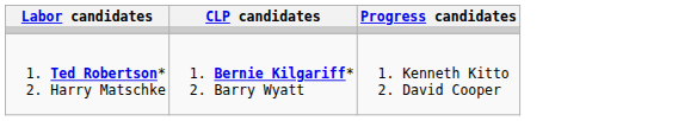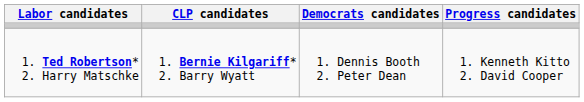 <table class="wikitable">
 <tr>
 <th><a href='#'>Labor</a> candidates</th>
 <th><a href='#'>CLP</a> candidates</th>
+<th><a href='#'>Democrats</a> candidates</th>
 <th><a href='#'>Progress</a> candidates</th>
 </tr>
 <tr bgcolor="#cccccc">
+<td></td>
 <td></td>
 <td></td>
 <td></td>
 </tr>
 <tr>
 <td><br><ol><li><strong><a href='#'>Ted Robertson</a></strong>*</li><li>Harry Matschke</li></ol></td>
 <td><br><ol><li><strong><a href='#'>Bernie Kilgariff</a></strong>*</li><li>Barry Wyatt</li></ol></td>
+<td valign=top><br><ol><li>Dennis Booth</li><li>Peter Dean</li></ol></td>
 <td valign=top><br><ol><li>Kenneth Kitto</li><li>David Cooper</li></ol></td>
 </tr>
 </table>
